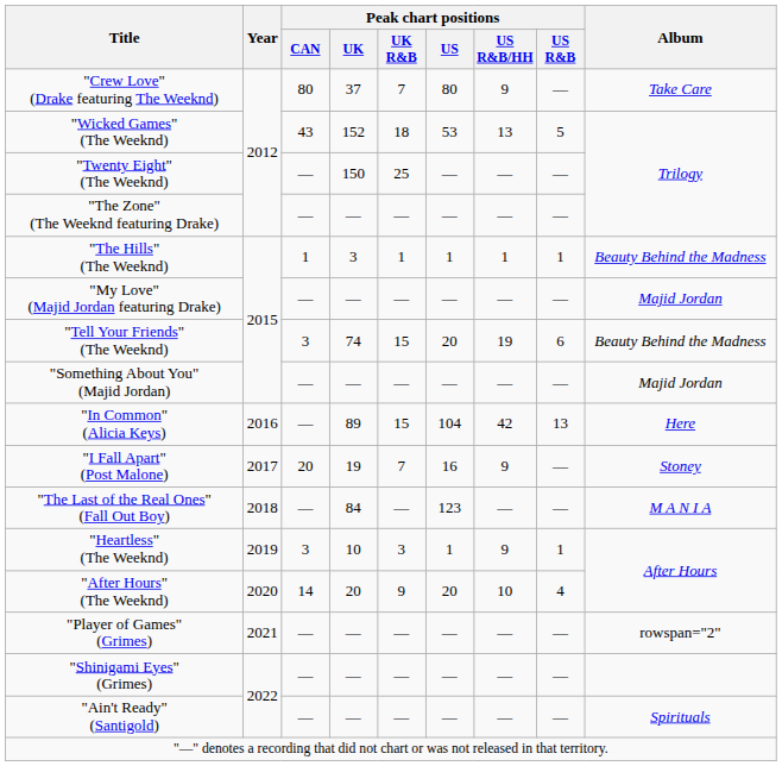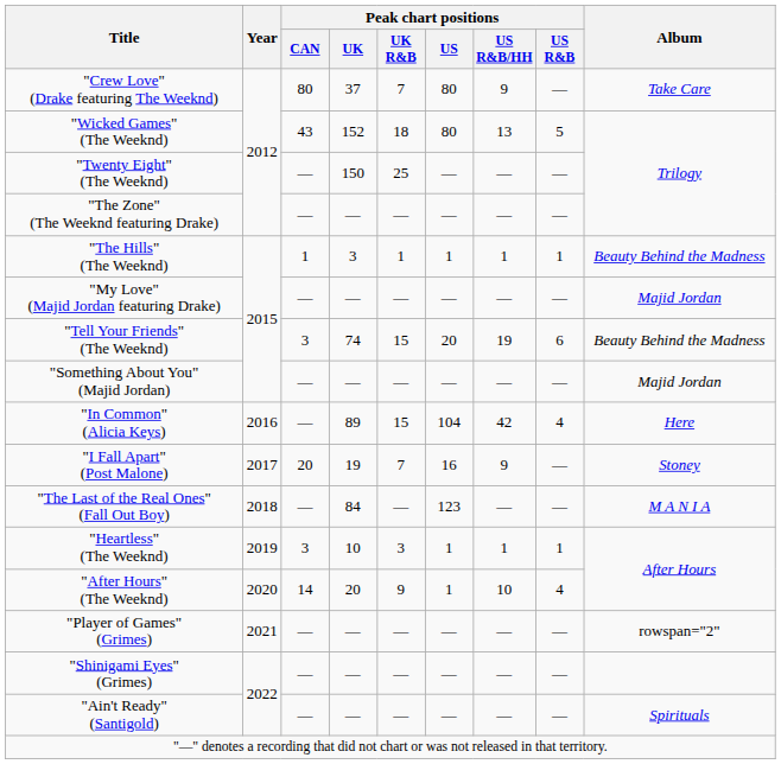 <table class="wikitable plainrowheaders" style="text-align:center;">
 <tr>
 <th scope="col" rowspan="2" style="width:15em;">Title</th>
 <th scope="col" rowspan="2">Year</th>
 <th scope="col" colspan="6">Peak chart positions</th>
 <th scope="col" rowspan="2" style="width:12em;">Album</th>
 </tr>
 <tr>
 <th scope="col" style="width:3em;font-size:90%;"><a href='#'>CAN</a></th>
 <th scope="col" style="width:3em;font-size:90%;"><a href='#'>UK</a></th>
 <th scope="col" style="width:3em;font-size:90%;"><a href='#'>UK R&B</a></th>
 <th scope="col" style="width:3em;font-size:90%;"><a href='#'>US</a></th>
 <th scope="col" style="width:3em;font-size:90%;"><a href='#'>US R&B/HH</a></th>
 <th scope="col" style="width:3em;font-size:90%;"><a href='#'>US R&B</a></th>
 </tr>
 <tr>
 <td scope="row">"<a href='#'>Crew Love</a>"<br><span>(<a href='#'>Drake</a> featuring <a href='#'>The Weeknd</a>)</span></td>
 <td rowspan="4">2012</td>
 <td>80</td>
 <td>37</td>
 <td>7</td>
 <td>80</td>
 <td>9</td>
 <td>—</td>
 <td><em><a href='#'>Take Care</a></em></td>
 </tr>
 <tr>
 <td scope="row">"<a href='#'>Wicked Games</a>"<br><span>(The Weeknd)</span></td>
 <td>43</td>
 <td>152</td>
 <td>18</td>
-<td>53</td>
+<td>80</td>
 <td>13</td>
 <td>5</td>
 <td rowspan="3"><em><a href='#'>Trilogy</a></em></td>
 </tr>
 <tr>
 <td scope="row">"<a href='#'>Twenty Eight</a>"<br><span>(The Weeknd)</span></td>
 <td>—</td>
 <td>150</td>
 <td>25</td>
 <td>—</td>
 <td>—</td>
 <td>—</td>
 </tr>
 <tr>
 <td scope="row">"The Zone"<br><span>(The Weeknd featuring Drake)</span></td>
 <td>—</td>
 <td>—</td>
 <td>—</td>
 <td>—</td>
 <td>—</td>
 <td>—</td>
 </tr>
 <tr>
 <td scope="row">"<a href='#'>The Hills</a>"<br><span>(The Weeknd)</span></td>
 <td rowspan="4">2015</td>
 <td>1</td>
 <td>3</td>
 <td>1</td>
 <td>1</td>
 <td>1</td>
 <td>1</td>
 <td><em><a href='#'>Beauty Behind the Madness</a></em></td>
 </tr>
 <tr>
 <td scope="row">"My Love"<br><span>(<a href='#'>Majid Jordan</a> featuring Drake)</span></td>
 <td>—</td>
 <td>—</td>
 <td>—</td>
 <td>—</td>
 <td>—</td>
 <td>—</td>
 <td><em><a href='#'>Majid Jordan</a></em></td>
 </tr>
 <tr>
 <td scope="row">"<a href='#'>Tell Your Friends</a>"<br><span>(The Weeknd)</span></td>
 <td>3</td>
 <td>74</td>
 <td>15</td>
 <td>20</td>
 <td>19</td>
 <td>6</td>
 <td><em>Beauty Behind the Madness</em></td>
 </tr>
 <tr>
 <td scope="row">"Something About You"<br><span>(Majid Jordan)</span></td>
 <td>—</td>
 <td>—</td>
 <td>—</td>
 <td>—</td>
 <td>—</td>
 <td>—</td>
 <td><em>Majid Jordan</em></td>
 </tr>
 <tr>
 <td scope="row">"<a href='#'>In Common</a>"<br><span>(<a href='#'>Alicia Keys</a>)</span></td>
 <td>2016</td>
 <td>—</td>
 <td>89</td>
 <td>15</td>
 <td>104</td>
 <td>42</td>
-<td>13</td>
+<td>4</td>
 <td><em><a href='#'>Here</a></em></td>
 </tr>
 <tr>
 <td scope="row">"<a href='#'>I Fall Apart</a>"<br><span>(<a href='#'>Post Malone</a>)</span></td>
 <td>2017</td>
 <td>20</td>
 <td>19</td>
 <td>7</td>
 <td>16</td>
 <td>9</td>
 <td>—</td>
 <td><em><a href='#'>Stoney</a></em></td>
 </tr>
 <tr>
 <td scope="row">"<a href='#'>The Last of the Real Ones</a>"<br><span>(<a href='#'>Fall Out Boy</a>)</span></td>
 <td>2018</td>
 <td>—</td>
 <td>84</td>
 <td>—</td>
 <td>123</td>
 <td>—</td>
 <td>—</td>
 <td><em><a href='#'>M A N I A</a></em></td>
 </tr>
 <tr>
 <td scope="row">"<a href='#'>Heartless</a>"<br><span>(The Weeknd)</span></td>
 <td>2019</td>
 <td>3</td>
 <td>10</td>
 <td>3</td>
 <td>1</td>
-<td>9</td>
+<td>1</td>
 <td>1</td>
 <td rowspan="2"><em><a href='#'>After Hours</a></em></td>
 </tr>
 <tr>
 <td>"<a href='#'>After Hours</a>"<br><span>(The Weeknd)</span></td>
 <td>2020</td>
 <td>14</td>
 <td>20</td>
 <td>9</td>
-<td>20</td>
+<td>1</td>
 <td>10</td>
 <td>4</td>
 </tr>
 <tr>
 <td scope="row">"Player of Games"<br><span>(<a href='#'>Grimes</a>)</span></td>
 <td>2021</td>
 <td>—</td>
 <td>—</td>
 <td>—</td>
 <td>—</td>
 <td>—</td>
 <td>—</td>
 <td>rowspan="2" </td>
 </tr>
 <tr>
 <td>"<a href='#'>Shinigami Eyes</a>"<br><span>(Grimes)</span></td>
 <td rowspan="2">2022</td>
 <td>—</td>
 <td>—</td>
 <td>—</td>
 <td>—</td>
 <td>—</td>
 <td>—</td>
 </tr>
 <tr>
 <td>"Ain't Ready"<br><span>(<a href='#'>Santigold</a>)</span></td>
 <td>—</td>
 <td>—</td>
 <td>—</td>
 <td>—</td>
 <td>—</td>
 <td>—</td>
 <td><em><a href='#'>Spirituals</a></em></td>
 </tr>
 <tr>
 <td colspan="9" style="font-size:90%">"—" denotes a recording that did not chart or was not released in that territory.</td>
 </tr>
 </table>
